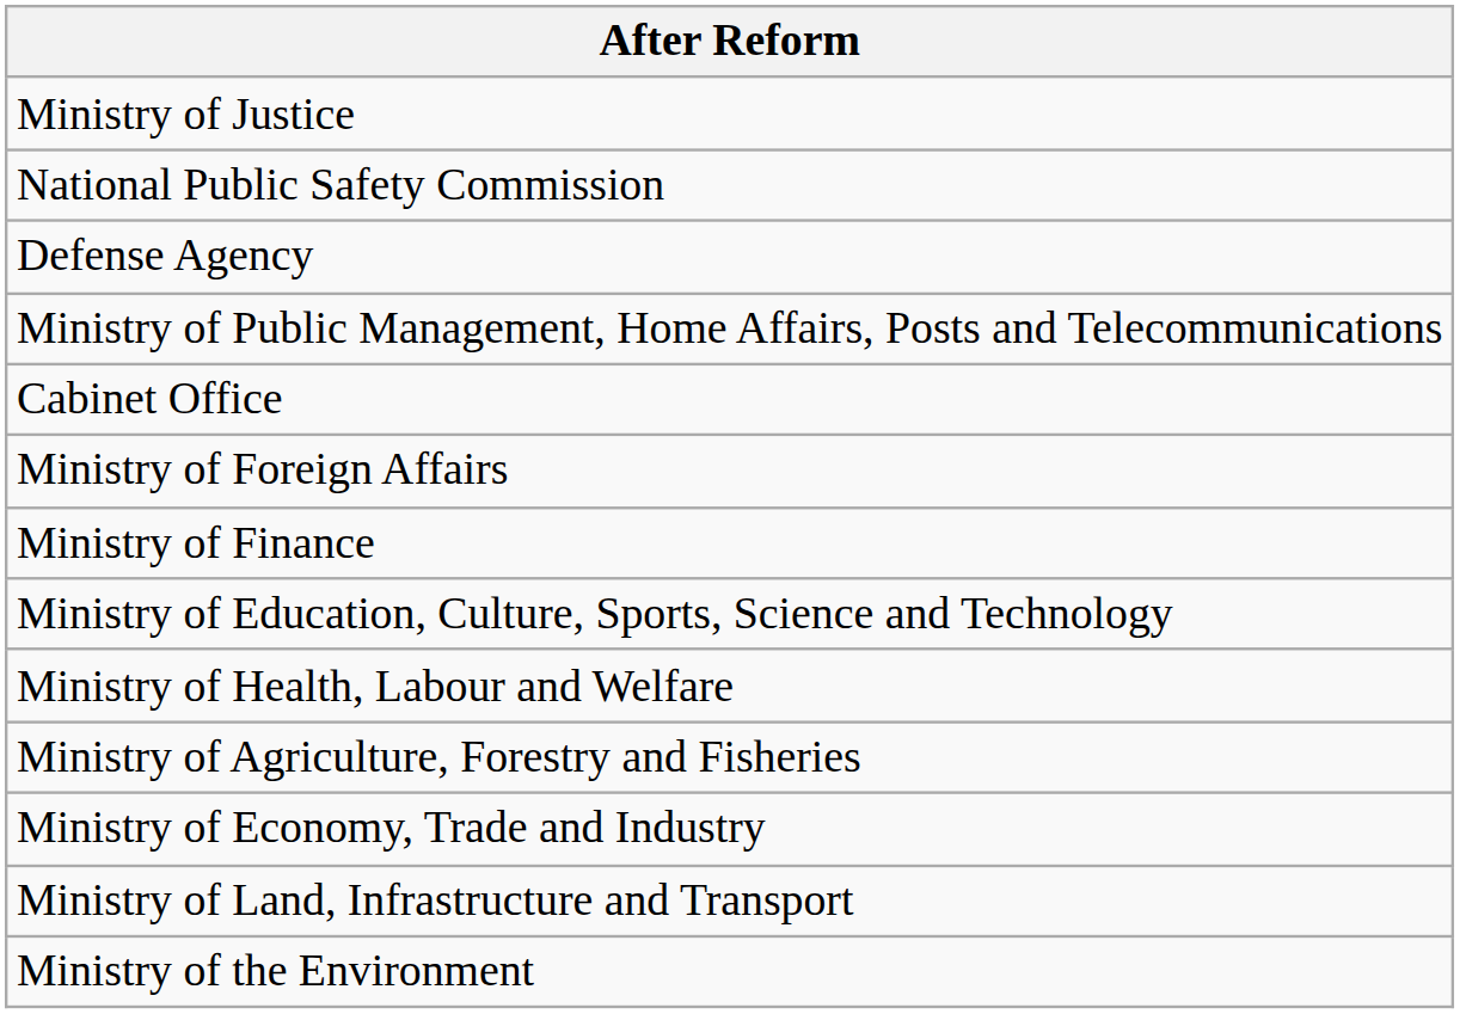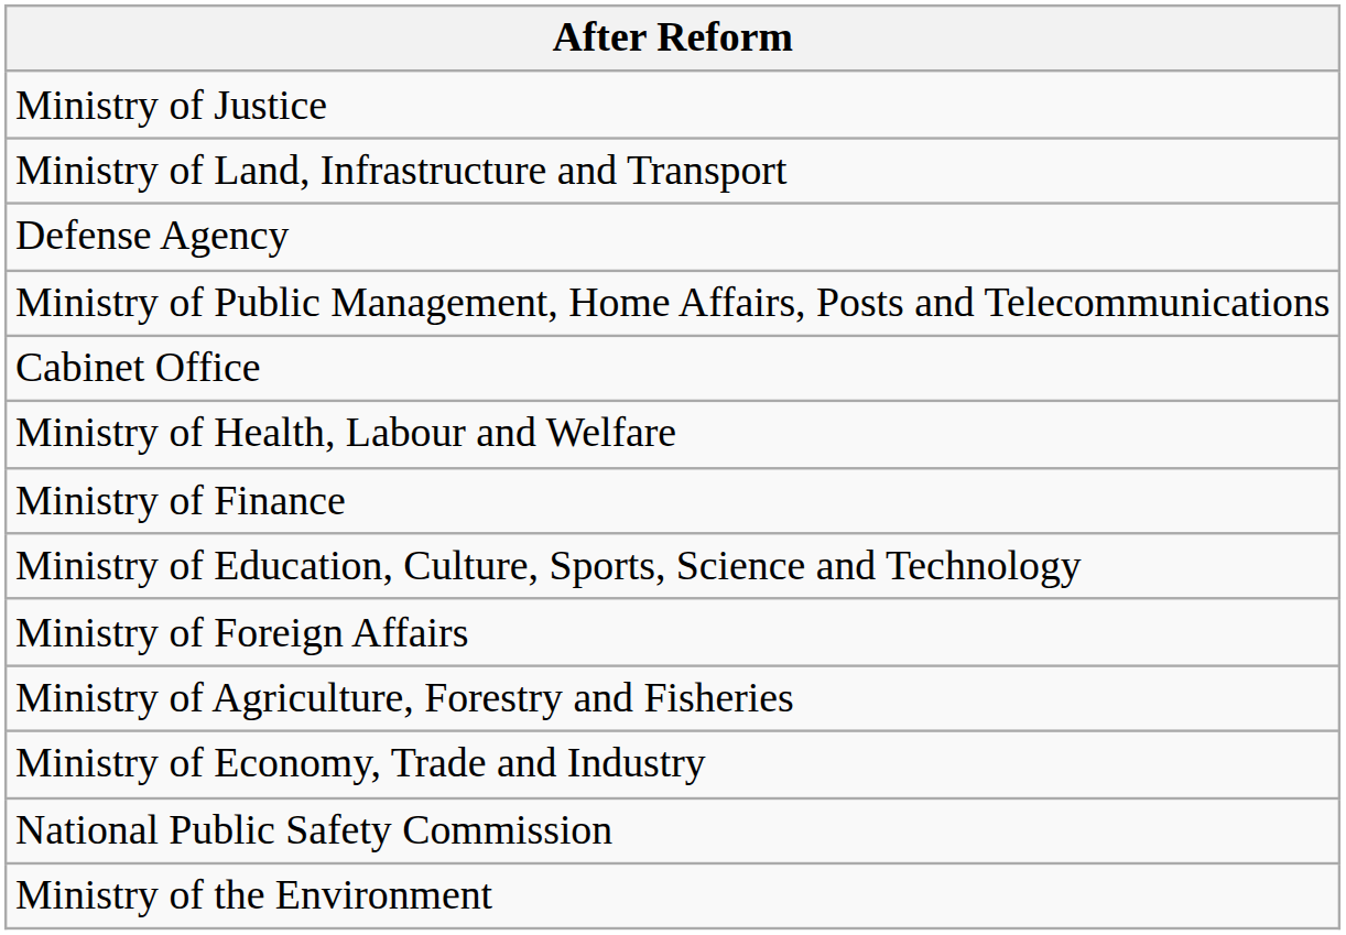 <table class="wikitable">
 <tr>
 <th>After Reform</th>
 </tr>
 <tr>
 <td>Ministry of Justice</td>
 </tr>
 <tr>
-<td>National Public Safety Commission</td>
+<td>Ministry of Land, Infrastructure and Transport</td>
 </tr>
 <tr>
 <td>Defense Agency</td>
 </tr>
 <tr>
 <td>Ministry of Public Management, Home Affairs,  Posts and Telecommunications</td>
 </tr>
 <tr>
 <td>Cabinet Office</td>
 </tr>
 <tr>
-<td>Ministry of Foreign Affairs</td>
+<td>Ministry of Health, Labour and Welfare</td>
 </tr>
 <tr>
 <td>Ministry of Finance</td>
 </tr>
 <tr>
 <td>Ministry of Education, Culture, Sports, Science and Technology</td>
 </tr>
 <tr>
-<td>Ministry of Health, Labour and Welfare</td>
+<td>Ministry of Foreign Affairs</td>
 </tr>
 <tr>
 <td>Ministry of Agriculture, Forestry and Fisheries</td>
 </tr>
 <tr>
 <td>Ministry of Economy, Trade and Industry</td>
 </tr>
 <tr>
-<td>Ministry of Land, Infrastructure and Transport</td>
+<td>National Public Safety Commission</td>
 </tr>
 <tr>
 <td>Ministry of the Environment</td>
 </tr>
 </table>
